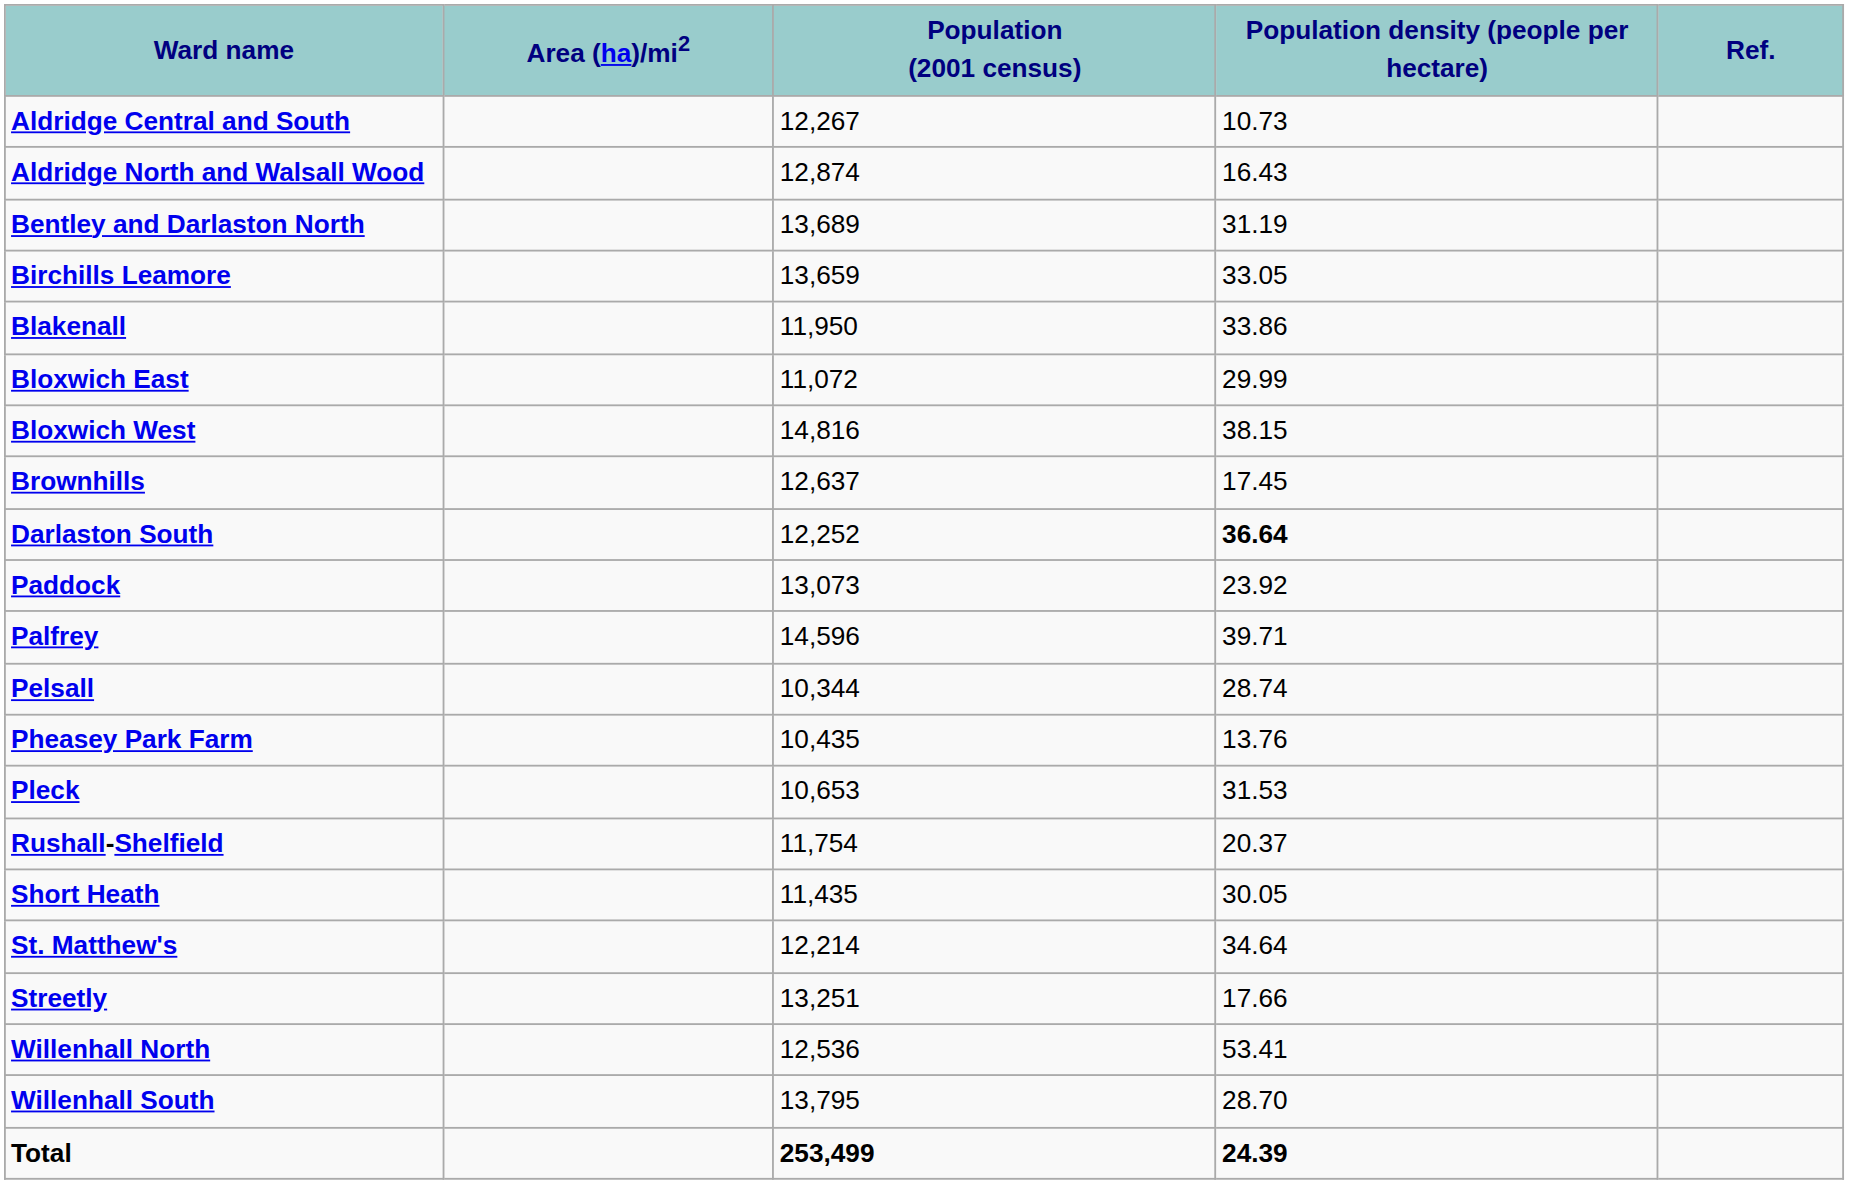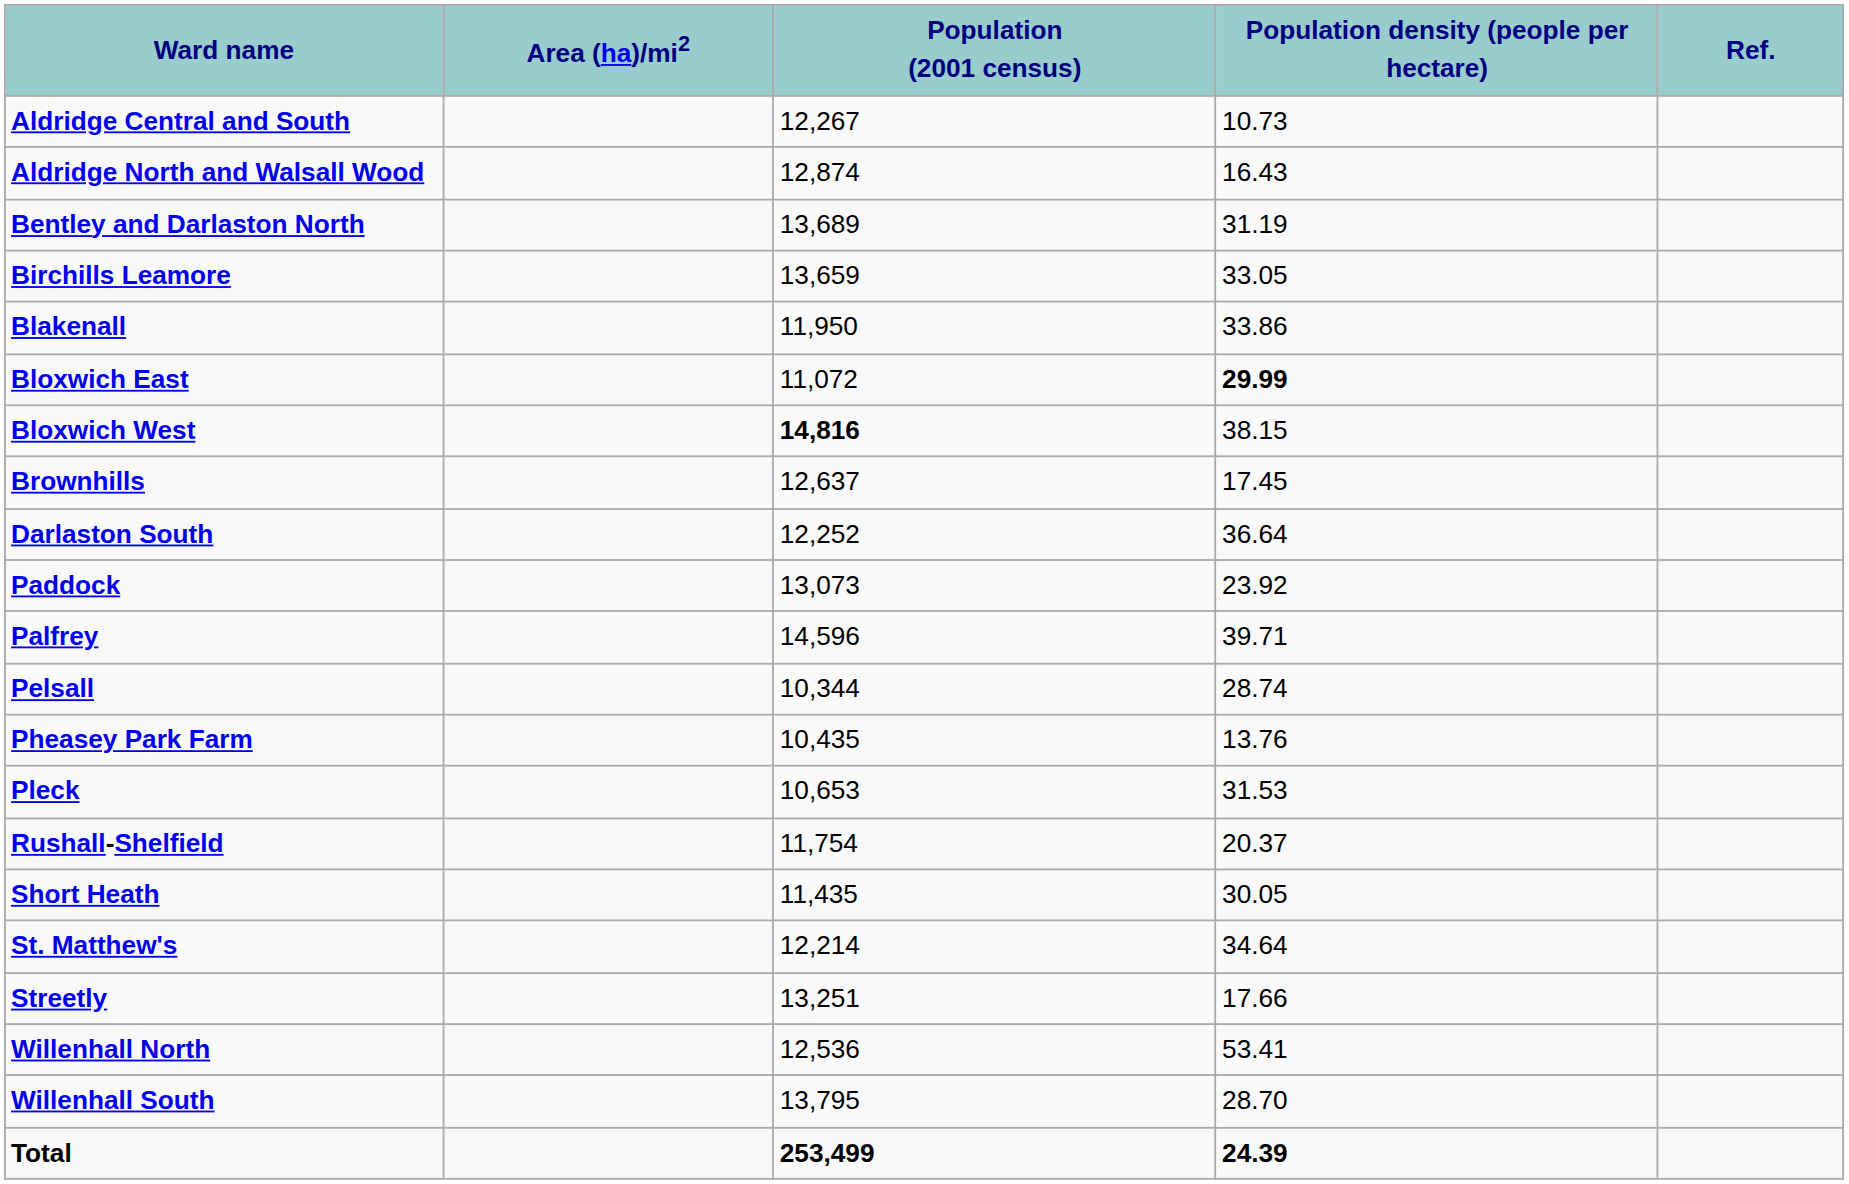 <table class="wikitable sortable" style="font-size:90%;width:80%;border:0px;text-align:left;line-height:150%;">
 <tr>
 <th style="background: #99CCCC; color: #000080" height="17" width="70">Ward name</th>
 <th style="background: #99CCCC; color: #000080" height="17" width="50">Area (<a href='#'>ha</a>)/mi<sup>2</sup></th>
 <th style="background: #99CCCC; color: #000080" height="17" width="50">Population<br>(2001 census)</th>
 <th style="background: #99CCCC; color: #000080" height="17" width="50">Population density (people per hectare)</th>
 <th class="unsortable" style="background: #99CCCC; color: #000080" height="17" width="10">Ref.</th>
 </tr>
 <tr>
 <td><strong><a href='#'>Aldridge Central and South</a></strong></td>
 <td></td>
 <td>12,267</td>
 <td>10.73</td>
 <td></td>
 </tr>
 <tr>
 <td><strong><a href='#'>Aldridge North and Walsall Wood</a></strong></td>
 <td></td>
 <td>12,874</td>
 <td>16.43</td>
 <td></td>
 </tr>
 <tr>
 <td><strong><a href='#'>Bentley and Darlaston North</a></strong></td>
 <td></td>
 <td>13,689</td>
 <td>31.19</td>
 <td></td>
 </tr>
 <tr>
 <td><strong><a href='#'>Birchills Leamore</a></strong></td>
 <td></td>
 <td>13,659</td>
 <td>33.05</td>
 <td></td>
 </tr>
 <tr>
 <td><strong><a href='#'>Blakenall</a></strong></td>
 <td></td>
 <td>11,950</td>
 <td>33.86</td>
 <td></td>
 </tr>
 <tr>
 <td><strong><a href='#'>Bloxwich East</a></strong></td>
 <td></td>
 <td>11,072</td>
-<td>29.99</td>
+<td><strong>29.99</strong></td>
 <td></td>
 </tr>
 <tr>
 <td><strong><a href='#'>Bloxwich West</a></strong></td>
 <td></td>
-<td>14,816</td>
+<td><strong>14,816</strong></td>
 <td>38.15</td>
 <td></td>
 </tr>
 <tr>
 <td><strong><a href='#'>Brownhills</a></strong></td>
 <td></td>
 <td>12,637</td>
 <td>17.45</td>
 <td></td>
 </tr>
 <tr>
 <td><strong><a href='#'>Darlaston South</a></strong></td>
 <td></td>
 <td>12,252</td>
-<td><strong>36.64</strong></td>
+<td>36.64</td>
 <td></td>
 </tr>
 <tr>
 <td><strong><a href='#'>Paddock</a></strong></td>
 <td></td>
 <td>13,073</td>
 <td>23.92</td>
 <td></td>
 </tr>
 <tr>
 <td><strong><a href='#'>Palfrey</a></strong></td>
 <td></td>
 <td>14,596</td>
 <td>39.71</td>
 <td></td>
 </tr>
 <tr>
 <td><strong><a href='#'>Pelsall</a></strong></td>
 <td></td>
 <td>10,344</td>
 <td>28.74</td>
 <td></td>
 </tr>
 <tr>
 <td><strong><a href='#'>Pheasey Park Farm</a></strong></td>
 <td></td>
 <td>10,435</td>
 <td>13.76</td>
 <td></td>
 </tr>
 <tr>
 <td><strong><a href='#'>Pleck</a></strong></td>
 <td></td>
 <td>10,653</td>
 <td>31.53</td>
 <td></td>
 </tr>
 <tr>
 <td><strong><a href='#'>Rushall</a>-<a href='#'>Shelfield</a></strong></td>
 <td></td>
 <td>11,754</td>
 <td>20.37</td>
 <td></td>
 </tr>
 <tr>
 <td><strong><a href='#'>Short Heath</a></strong></td>
 <td></td>
 <td>11,435</td>
 <td>30.05</td>
 <td></td>
 </tr>
 <tr>
 <td><strong><a href='#'>St. Matthew's</a></strong></td>
 <td></td>
 <td>12,214</td>
 <td>34.64</td>
 <td></td>
 </tr>
 <tr>
 <td><strong><a href='#'>Streetly</a></strong></td>
 <td></td>
 <td>13,251</td>
 <td>17.66</td>
 <td></td>
 </tr>
 <tr>
 <td><strong><a href='#'>Willenhall North</a></strong></td>
 <td></td>
 <td>12,536</td>
 <td>53.41</td>
 <td></td>
 </tr>
 <tr>
 <td><strong><a href='#'>Willenhall South</a></strong></td>
 <td></td>
 <td>13,795</td>
 <td>28.70</td>
 <td></td>
 </tr>
 <tr>
 <td><strong>Total</strong></td>
 <td><strong></strong></td>
 <td><strong>253,499</strong></td>
 <td><strong>24.39</strong></td>
 <td></td>
 </tr>
 <tr>
 </tr>
 </table>
